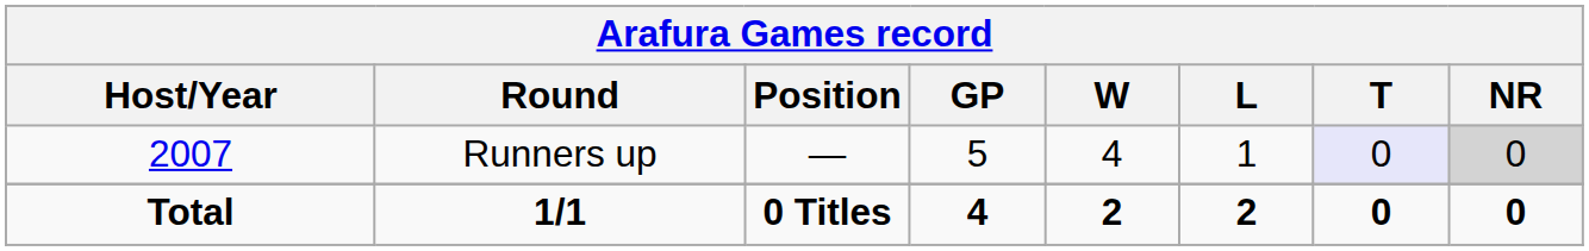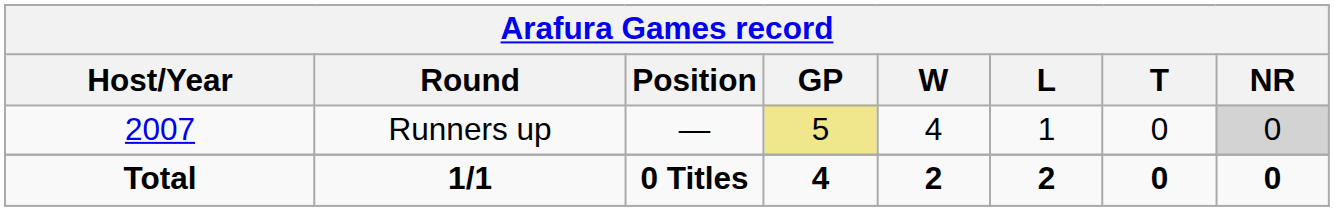 <table class="wikitable" style="text-align: center;">
 <tr>
 <th colspan=8><a href='#'>Arafura Games record</a></th>
 </tr>
 <tr>
 <th width=150>Host/Year</th>
 <th width=150>Round</th>
 <th width=50>Position</th>
 <th width=50>GP</th>
 <th width=50>W</th>
 <th width=50>L</th>
 <th width=50>T</th>
 <th width=50>NR</th>
 </tr>
 <tr>
 <td> <a href='#'>2007</a></td>
 <td>Runners up</td>
 <td>—</td>
-<td>5</td>
+<td style="background: khaki;">5</td>
 <td>4</td>
 <td>1</td>
-<td style="background: lavender;">0</td>
+<td>0</td>
 <td style="background: lightgrey;">0</td>
 </tr>
 <tr>
 </tr>
 <tr>
 <td><strong>Total</strong></td>
 <td><strong>1/1</strong></td>
 <td><strong>0 Titles</strong></td>
 <td><strong>4</strong></td>
 <td><strong>2</strong></td>
 <td><strong>2</strong></td>
 <td><strong>0</strong></td>
 <td><strong>0</strong></td>
 </tr>
 </table>
